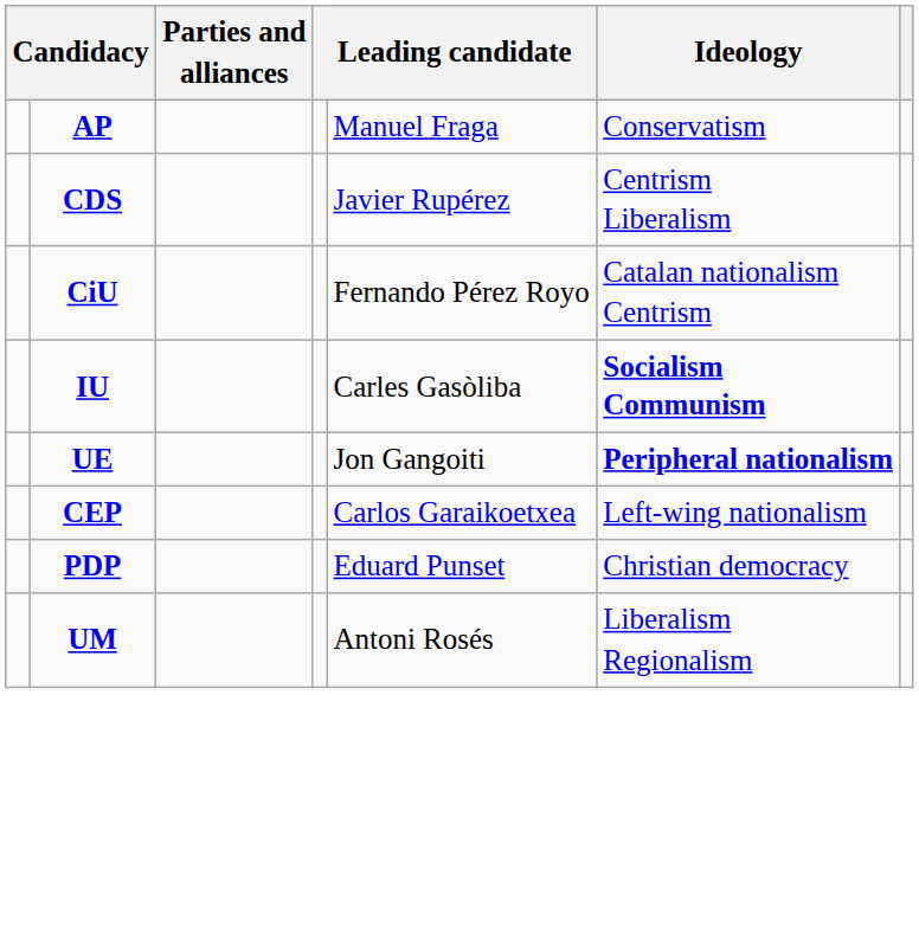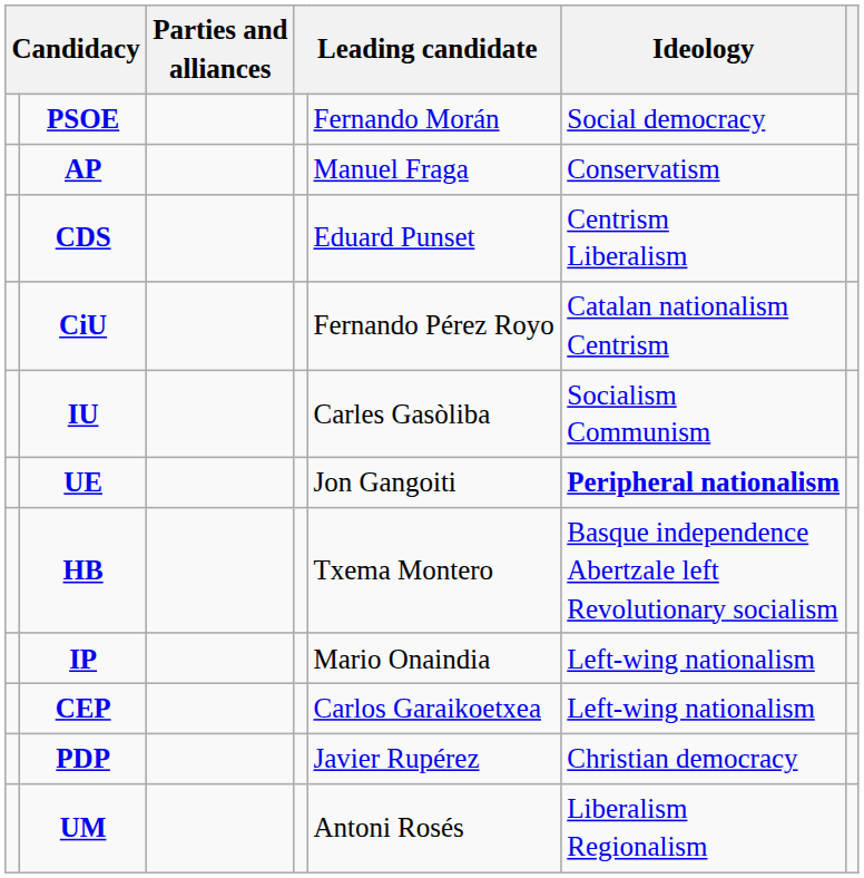 <table class="wikitable" style="line-height:1.35em; text-align:left;">
 <tr>
 <th colspan="2">Candidacy</th>
 <th>Parties and<br>alliances</th>
 <th colspan="2">Leading candidate</th>
 <th>Ideology</th>
 <th></th>
+</tr>
+<tr>
+<td width="1" style="color:inherit;background:"></td>
+<td align="center"><strong><a href='#'>PSOE</a></strong></td>
+<td></td>
+<td></td>
+<td><a href='#'>Fernando Morán</a></td>
+<td><a href='#'>Social democracy</a></td>
+<td></td>
 </tr>
 <tr>
 <td style="color:inherit;background:"></td>
 <td align="center"><strong><a href='#'>AP</a></strong></td>
 <td></td>
 <td></td>
 <td><a href='#'>Manuel Fraga</a></td>
 <td><a href='#'>Conservatism</a></td>
 <td></td>
 </tr>
 <tr>
 <td style="color:inherit;background:"></td>
 <td align="center"><strong><a href='#'>CDS</a></strong></td>
 <td></td>
 <td></td>
-<td><a href='#'>Javier Rupérez</a></td>
+<td><a href='#'>Eduard Punset</a></td>
 <td><a href='#'>Centrism</a><br><a href='#'>Liberalism</a></td>
 <td></td>
 </tr>
 <tr>
 <td style="color:inherit;background:"></td>
 <td align="center"><strong><a href='#'>CiU</a></strong></td>
 <td></td>
 <td></td>
 <td>Fernando Pérez Royo</td>
 <td><a href='#'>Catalan nationalism</a><br><a href='#'>Centrism</a></td>
 <td></td>
 </tr>
 <tr>
 <td style="color:inherit;background:"></td>
 <td align="center"><strong><a href='#'>IU</a></strong></td>
 <td></td>
 <td></td>
 <td>Carles Gasòliba</td>
-<td><strong><a href='#'>Socialism</a><br><a href='#'>Communism</a></strong></td>
+<td><a href='#'>Socialism</a><br><a href='#'>Communism</a></td>
 <td></td>
 </tr>
 <tr>
 <td style="color:inherit;background:"></td>
 <td align="center"><strong><a href='#'>UE</a></strong></td>
 <td></td>
 <td></td>
 <td>Jon Gangoiti</td>
 <td><strong><a href='#'>Peripheral nationalism</a></strong></td>
+<td></td>
+</tr>
+<tr>
+<td style="color:inherit;background:"></td>
+<td align="center"><strong><a href='#'>HB</a></strong></td>
+<td></td>
+<td></td>
+<td>Txema Montero</td>
+<td><a href='#'>Basque independence</a><br><a href='#'>Abertzale left</a><br><a href='#'>Revolutionary socialism</a></td>
+<td></td>
+</tr>
+<tr>
+<td style="color:inherit;background:"></td>
+<td align="center"><strong><a href='#'>IP</a></strong></td>
+<td></td>
+<td></td>
+<td>Mario Onaindia</td>
+<td><a href='#'>Left-wing nationalism</a></td>
 <td></td>
 </tr>
 <tr>
 <td style="color:inherit;background:"></td>
 <td align="center"><strong><a href='#'>CEP</a></strong></td>
 <td></td>
 <td></td>
 <td><a href='#'>Carlos Garaikoetxea</a></td>
 <td><a href='#'>Left-wing nationalism</a></td>
 <td></td>
 </tr>
 <tr>
 <td style="color:inherit;background:"></td>
 <td align="center"><strong><a href='#'>PDP</a></strong></td>
 <td></td>
 <td></td>
-<td><a href='#'>Eduard Punset</a></td>
+<td><a href='#'>Javier Rupérez</a></td>
 <td><a href='#'>Christian democracy</a></td>
 <td></td>
 </tr>
 <tr>
 <td style="color:inherit;background:"></td>
 <td align="center"><strong><a href='#'>UM</a></strong></td>
 <td></td>
 <td></td>
 <td>Antoni Rosés</td>
 <td><a href='#'>Liberalism</a><br><a href='#'>Regionalism</a></td>
 <td></td>
 </tr>
 </table>
